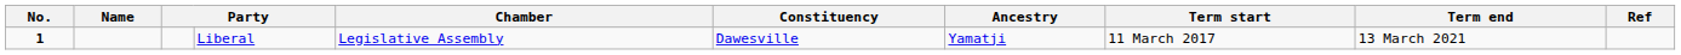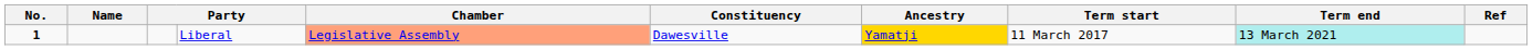 <table class="wikitable sortable" width="100%">
 <tr>
 <th>No.</th>
 <th>Name</th>
 <th colspan="2">Party</th>
 <th>Chamber</th>
 <th>Constituency</th>
 <th>Ancestry</th>
 <th>Term start</th>
 <th>Term end</th>
 <th class=unsortable>Ref</th>
 </tr>
 <tr>
 <td align=center><strong>1</strong></td>
 <td></td>
 <td> </td>
 <td><a href='#'>Liberal</a></td>
-<td><a href='#'>Legislative Assembly</a></td>
+<td style="background: lightsalmon;"><a href='#'>Legislative Assembly</a></td>
 <td><a href='#'>Dawesville</a></td>
-<td><a href='#'>Yamatji</a></td>
+<td style="background: gold;"><a href='#'>Yamatji</a></td>
 <td>11 March 2017</td>
-<td>13 March 2021</td>
+<td style="background: paleturquoise;">13 March 2021</td>
 <td align=center></td>
 </tr>
 </table>
